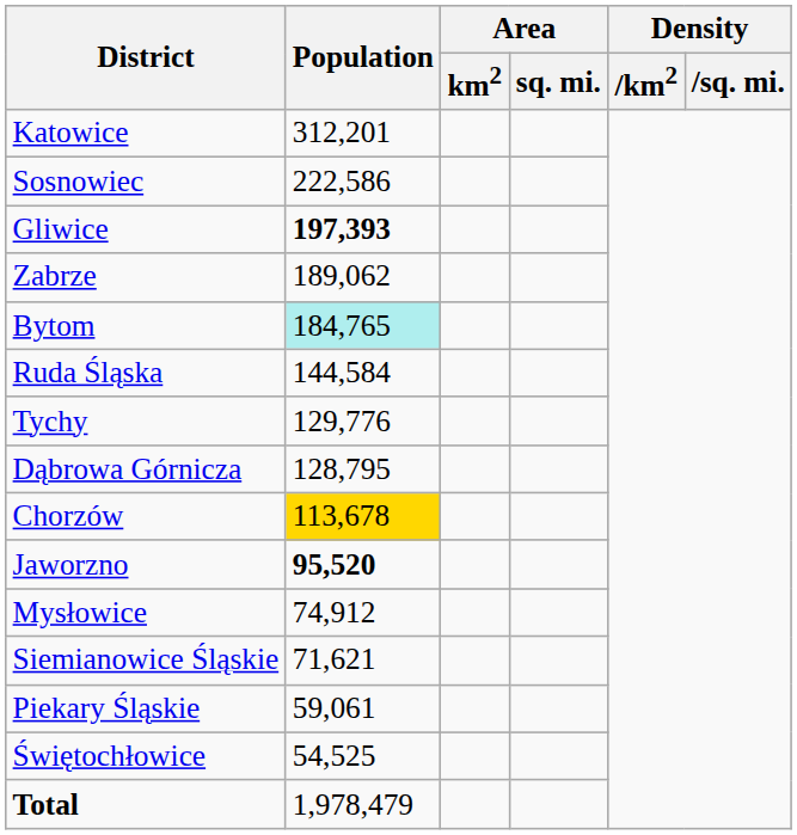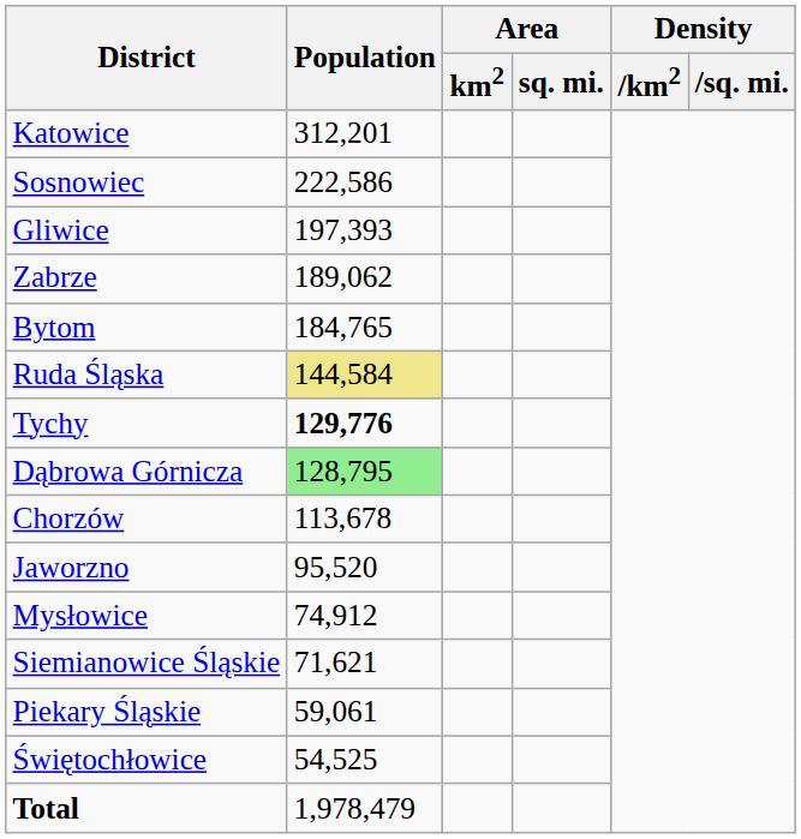 <table class="wikitable sortable">
 <tr>
 <th rowspan=2>District</th>
 <th rowspan=2>Population</th>
 <th colspan=2>Area</th>
 <th colspan=2>Density</th>
 </tr>
 <tr>
 <th>km<sup>2</sup></th>
 <th>sq. mi.</th>
 <th>/km<sup>2</sup></th>
 <th>/sq. mi.</th>
 </tr>
 <tr>
 <td><a href='#'>Katowice</a></td>
 <td>312,201</td>
 <td></td>
 <td></td>
 </tr>
 <tr>
 <td><a href='#'>Sosnowiec</a></td>
 <td>222,586</td>
 <td></td>
 <td></td>
 </tr>
 <tr>
 <td><a href='#'>Gliwice</a></td>
-<td><strong>197,393</strong></td>
+<td>197,393</td>
 <td></td>
 <td></td>
 </tr>
 <tr>
 <td><a href='#'>Zabrze</a></td>
 <td>189,062</td>
 <td></td>
 <td></td>
 </tr>
 <tr>
 <td><a href='#'>Bytom</a></td>
-<td style="background: paleturquoise;">184,765</td>
+<td>184,765</td>
 <td></td>
 <td></td>
 </tr>
 <tr>
 <td><a href='#'>Ruda Śląska</a></td>
-<td>144,584</td>
+<td style="background: khaki;">144,584</td>
 <td></td>
 <td></td>
 </tr>
 <tr>
 <td><a href='#'>Tychy</a></td>
-<td>129,776</td>
+<td><strong>129,776</strong></td>
 <td></td>
 <td></td>
 </tr>
 <tr>
 <td><a href='#'>Dąbrowa Górnicza</a></td>
-<td>128,795</td>
+<td style="background: lightgreen;">128,795</td>
 <td></td>
 <td></td>
 </tr>
 <tr>
 <td><a href='#'>Chorzów</a></td>
-<td style="background: gold;">113,678</td>
+<td>113,678</td>
 <td></td>
 <td></td>
 </tr>
 <tr>
 <td><a href='#'>Jaworzno</a></td>
-<td><strong>95,520</strong></td>
+<td>95,520</td>
 <td></td>
 <td></td>
 </tr>
 <tr>
 <td><a href='#'>Mysłowice</a></td>
 <td>74,912</td>
 <td></td>
 <td></td>
 </tr>
 <tr>
 <td><a href='#'>Siemianowice Śląskie</a></td>
 <td>71,621</td>
 <td></td>
 <td></td>
 </tr>
 <tr>
 <td><a href='#'>Piekary Śląskie</a></td>
 <td>59,061</td>
 <td></td>
 <td></td>
 </tr>
 <tr>
 <td><a href='#'>Świętochłowice</a></td>
 <td>54,525</td>
 <td></td>
 <td></td>
 </tr>
 <tr>
 <td><strong>Total</strong></td>
 <td>1,978,479</td>
 <td></td>
 <td></td>
 </tr>
 </table>
